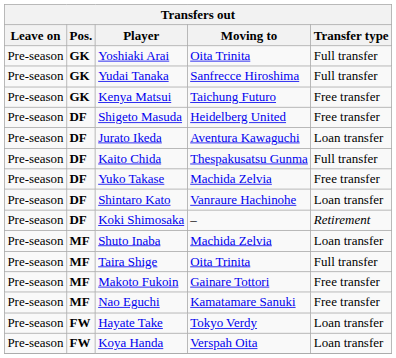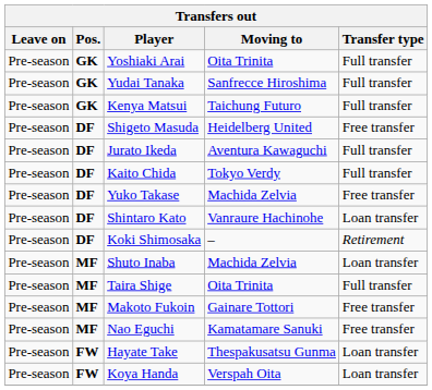 <table class="wikitable sortable" style=“text-align:left;>
 <tr>
 <th colspan="5">Transfers out</th>
 </tr>
 <tr>
 <th>Leave on</th>
 <th>Pos.</th>
 <th>Player</th>
 <th>Moving to</th>
 <th>Transfer type</th>
 </tr>
 <tr>
 <td>Pre-season</td>
 <td><strong>GK</strong></td>
 <td> <a href='#'>Yoshiaki Arai</a></td>
 <td> <a href='#'>Oita Trinita</a></td>
 <td>Full transfer</td>
 </tr>
 <tr>
 <td>Pre-season</td>
 <td><strong>GK</strong></td>
 <td> <a href='#'>Yudai Tanaka</a></td>
 <td> <a href='#'>Sanfrecce Hiroshima</a></td>
 <td>Full transfer</td>
 </tr>
 <tr>
 <td>Pre-season</td>
 <td><strong>GK</strong></td>
 <td> <a href='#'>Kenya Matsui</a></td>
 <td> <a href='#'>Taichung Futuro</a></td>
-<td>Free transfer</td>
+<td>Full transfer</td>
 </tr>
 <tr>
 <td>Pre-season</td>
 <td><strong>DF</strong></td>
 <td> <a href='#'>Shigeto Masuda</a></td>
 <td> <a href='#'>Heidelberg United</a></td>
 <td>Free transfer</td>
 </tr>
 <tr>
 <td>Pre-season</td>
 <td><strong>DF</strong></td>
 <td> <a href='#'>Jurato Ikeda</a></td>
 <td> <a href='#'>Aventura Kawaguchi</a></td>
-<td>Loan transfer</td>
+<td>Full transfer</td>
 </tr>
 <tr>
 <td>Pre-season</td>
 <td><strong>DF</strong></td>
 <td> <a href='#'>Kaito Chida</a></td>
-<td> <a href='#'>Thespakusatsu Gunma</a></td>
+<td> <a href='#'>Tokyo Verdy</a></td>
 <td>Full transfer</td>
 </tr>
 <tr>
 <td>Pre-season</td>
 <td><strong>DF</strong></td>
 <td> <a href='#'>Yuko Takase</a></td>
 <td> <a href='#'>Machida Zelvia</a></td>
 <td>Free transfer</td>
 </tr>
 <tr>
 <td>Pre-season</td>
 <td><strong>DF</strong></td>
 <td> <a href='#'>Shintaro Kato</a></td>
 <td> <a href='#'>Vanraure Hachinohe</a></td>
 <td>Loan transfer</td>
 </tr>
 <tr>
 <td>Pre-season</td>
 <td><strong>DF</strong></td>
 <td> <a href='#'>Koki Shimosaka</a></td>
 <td>–</td>
 <td><em>Retirement</em></td>
 </tr>
 <tr>
 <td>Pre-season</td>
 <td><strong>MF</strong></td>
 <td> <a href='#'>Shuto Inaba</a></td>
 <td> <a href='#'>Machida Zelvia</a></td>
 <td>Loan transfer</td>
 </tr>
 <tr>
 <td>Pre-season</td>
 <td><strong>MF</strong></td>
 <td> <a href='#'>Taira Shige</a></td>
 <td> <a href='#'>Oita Trinita</a></td>
 <td>Full transfer</td>
 </tr>
 <tr>
 <td>Pre-season</td>
 <td><strong>MF</strong></td>
 <td> <a href='#'>Makoto Fukoin</a></td>
 <td> <a href='#'>Gainare Tottori</a></td>
 <td>Free transfer</td>
 </tr>
 <tr>
 <td>Pre-season</td>
 <td><strong>MF</strong></td>
 <td> <a href='#'>Nao Eguchi</a></td>
 <td> <a href='#'>Kamatamare Sanuki</a></td>
 <td>Free transfer</td>
 </tr>
 <tr>
 <td>Pre-season</td>
 <td><strong>FW</strong></td>
 <td> <a href='#'>Hayate Take</a></td>
-<td> <a href='#'>Tokyo Verdy</a></td>
+<td> <a href='#'>Thespakusatsu Gunma</a></td>
 <td>Loan transfer</td>
 </tr>
 <tr>
 <td>Pre-season</td>
 <td><strong>FW</strong></td>
 <td> <a href='#'>Koya Handa</a></td>
 <td> <a href='#'>Verspah Oita</a></td>
 <td>Loan transfer</td>
 </tr>
 <tr>
 </tr>
 </table>
